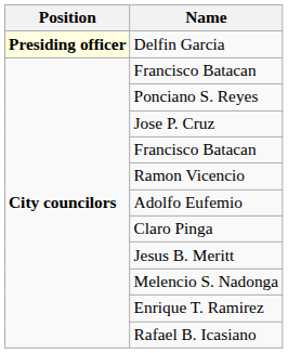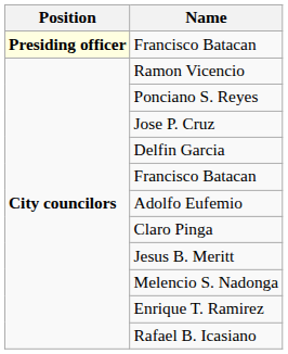 <table class=wikitable>
 <tr>
 <th>Position</th>
 <th>Name</th>
 </tr>
 <tr>
 <td style="background: lightyellow;"><strong>Presiding officer</strong></td>
-<td>Delfin Garcia</td>
+<td>Francisco Batacan</td>
 </tr>
 <tr>
 <td rowspan="11"><strong>City councilors</strong></td>
-<td>Francisco Batacan</td>
+<td>Ramon Vicencio</td>
 </tr>
 <tr>
 <td>Ponciano S. Reyes</td>
 </tr>
 <tr>
 <td>Jose P. Cruz</td>
 </tr>
 <tr>
-<td>Francisco Batacan</td>
+<td>Delfin Garcia</td>
 </tr>
 <tr>
-<td>Ramon Vicencio</td>
+<td>Francisco Batacan</td>
 </tr>
 <tr>
 <td>Adolfo Eufemio</td>
 </tr>
 <tr>
 <td>Claro Pinga</td>
 </tr>
 <tr>
 <td>Jesus B. Meritt</td>
 </tr>
 <tr>
 <td>Melencio S. Nadonga</td>
 </tr>
 <tr>
 <td>Enrique T. Ramirez</td>
 </tr>
 <tr>
 <td>Rafael B. Icasiano</td>
 </tr>
 </table>
